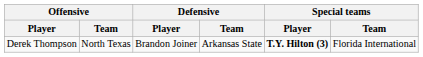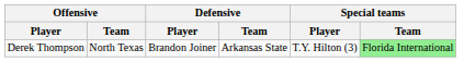 <table class="wikitable">
 <tr>
 <th colspan="2">Offensive</th>
 <th colspan="2">Defensive</th>
 <th colspan="2">Special teams</th>
 </tr>
 <tr>
 <th>Player</th>
 <th>Team</th>
 <th>Player</th>
 <th>Team</th>
 <th>Player</th>
 <th>Team</th>
 </tr>
 <tr>
 <td>Derek Thompson</td>
 <td>North Texas</td>
 <td>Brandon Joiner</td>
 <td>Arkansas State</td>
-<td><strong>T.Y. Hilton (3)</strong></td>
-<td>Florida International</td>
+<td>T.Y. Hilton (3)</td>
+<td style="background: lightgreen;">Florida International</td>
 </tr>
 </table>
